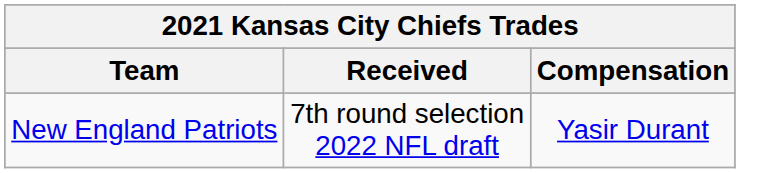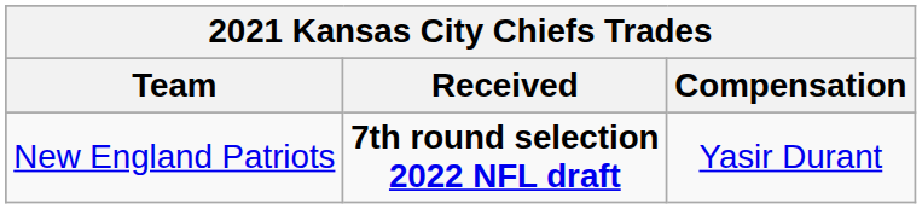 <table class="wikitable" style="text-align:center">
 <tr>
 <th colspan=3>2021 Kansas City Chiefs Trades</th>
 </tr>
 <tr>
 <th>Team</th>
 <th>Received</th>
 <th>Compensation</th>
 </tr>
 <tr>
 <td><a href='#'>New England Patriots</a></td>
-<td>7th round selection<br><a href='#'>2022 NFL draft</a></td>
+<td><strong>7th round selection<br><a href='#'>2022 NFL draft</a></strong></td>
 <td><a href='#'>Yasir Durant</a></td>
 </tr>
 </table>
